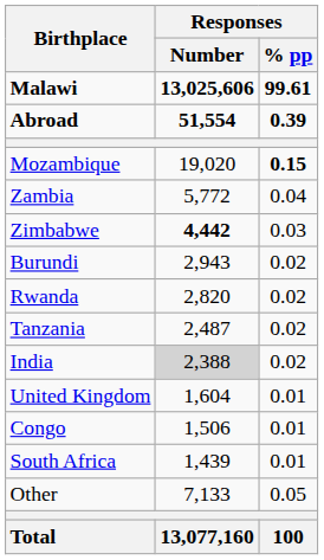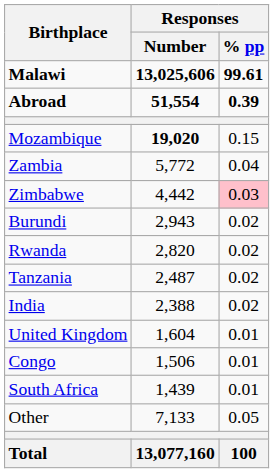 <table class="wikitable" style="text-align:center; font-size:100%;">
 <tr>
 <th rowspan=2>Birthplace</th>
 <th colspan=2>Responses</th>
 </tr>
 <tr>
 <th>Number</th>
 <th>% <a href='#'>pp</a></th>
 </tr>
 <tr>
 <td style="text-align:left;"><strong>Malawi</strong></td>
 <td><strong>13,025,606</strong></td>
 <td><strong>99.61</strong></td>
 </tr>
 <tr>
 <td style="text-align:left;"><strong>Abroad</strong></td>
 <td><strong>51,554</strong></td>
 <td><strong>0.39</strong></td>
 </tr>
 <tr>
 <th colspan=5></th>
 </tr>
 <tr>
 <td style="text-align:left;"><a href='#'>Mozambique</a></td>
-<td>19,020</td>
-<td><strong>0.15</strong></td>
+<td><strong>19,020</strong></td>
+<td>0.15</td>
 </tr>
 <tr>
 <td style="text-align:left;"><a href='#'>Zambia</a></td>
 <td>5,772</td>
 <td>0.04</td>
 </tr>
 <tr>
 <td style="text-align:left;"><a href='#'>Zimbabwe</a></td>
-<td><strong>4,442</strong></td>
-<td>0.03</td>
+<td>4,442</td>
+<td style="background: pink;">0.03</td>
 </tr>
 <tr>
 <td style="text-align:left;"><a href='#'>Burundi</a></td>
 <td>2,943</td>
 <td>0.02</td>
 </tr>
 <tr>
 <td style="text-align:left;"><a href='#'>Rwanda</a></td>
 <td>2,820</td>
 <td>0.02</td>
 </tr>
 <tr>
 <td style="text-align:left;"><a href='#'>Tanzania</a></td>
 <td>2,487</td>
 <td>0.02</td>
 </tr>
 <tr>
 <td style="text-align:left;"><a href='#'>India</a></td>
-<td style="background: lightgrey;">2,388</td>
+<td>2,388</td>
 <td>0.02</td>
 </tr>
 <tr>
 <td style="text-align:left;"><a href='#'>United Kingdom</a></td>
 <td>1,604</td>
 <td>0.01</td>
 </tr>
 <tr>
 <td style="text-align:left;"><a href='#'>Congo</a></td>
 <td>1,506</td>
 <td>0.01</td>
 </tr>
 <tr>
 <td style="text-align:left;"><a href='#'>South Africa</a></td>
 <td>1,439</td>
 <td>0.01</td>
 </tr>
 <tr>
 <td style="text-align:left;">Other</td>
 <td>7,133</td>
 <td>0.05</td>
 </tr>
 <tr>
 <th colspan=5></th>
 </tr>
 <tr>
 <th style="text-align:left;">Total</th>
 <th>13,077,160</th>
 <th>100</th>
 </tr>
 </table>
